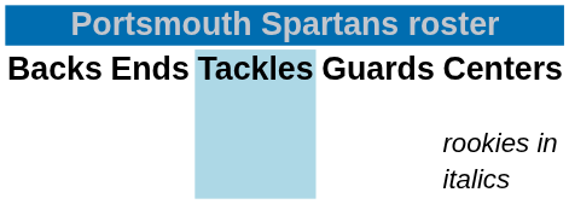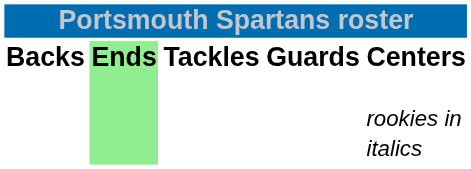 <table class="toccolours" style="text-align: left;">
 <tr>
 <th colspan="7" style="background-color:#006DB0;color:#C3C6CC;text-align:center;">Portsmouth Spartans roster</th>
 </tr>
 <tr>
 <td style="width: 25px;" "font-size: 95%;" valign="top"><strong>Backs</strong></td>
-<td style="width: 25px;" "font-size: 95%;" valign="top"><strong>Ends</strong></td>
-<td style="background: lightblue; width: 25px;" "font-size: 95%;" valign="top"><strong>Tackles</strong></td>
+<td style="background: lightgreen; width: 25px;" "font-size: 95%;" valign="top"><strong>Ends</strong></td>
+<td style="width: 25px;" "font-size: 95%;" valign="top"><strong>Tackles</strong></td>
 <td style="width: 25px;" "font-size: 95%;" valign="top"><strong>Guards</strong></td>
 <td style="width: 25px;" "font-size: 95%;" valign="top"><strong>Centers</strong><br><br><small><em>rookies in italics</em></small></td>
 </tr>
 <tr>
 </tr>
 </table>
